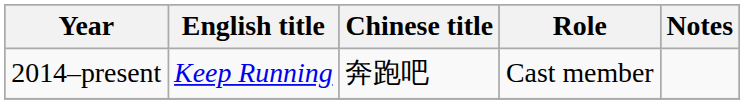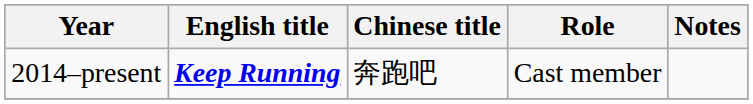 <table class="wikitable sortable">
 <tr>
 <th>Year</th>
 <th>English title</th>
 <th>Chinese title</th>
 <th>Role</th>
 <th>Notes</th>
 </tr>
 <tr>
 <td>2014–present</td>
-<td><em><a href='#'>Keep Running</a></em></td>
+<td><strong><em><a href='#'>Keep Running</a></em></strong></td>
 <td>奔跑吧</td>
 <td>Cast member</td>
 <td></td>
 </tr>
 <tr>
 </tr>
 </table>
